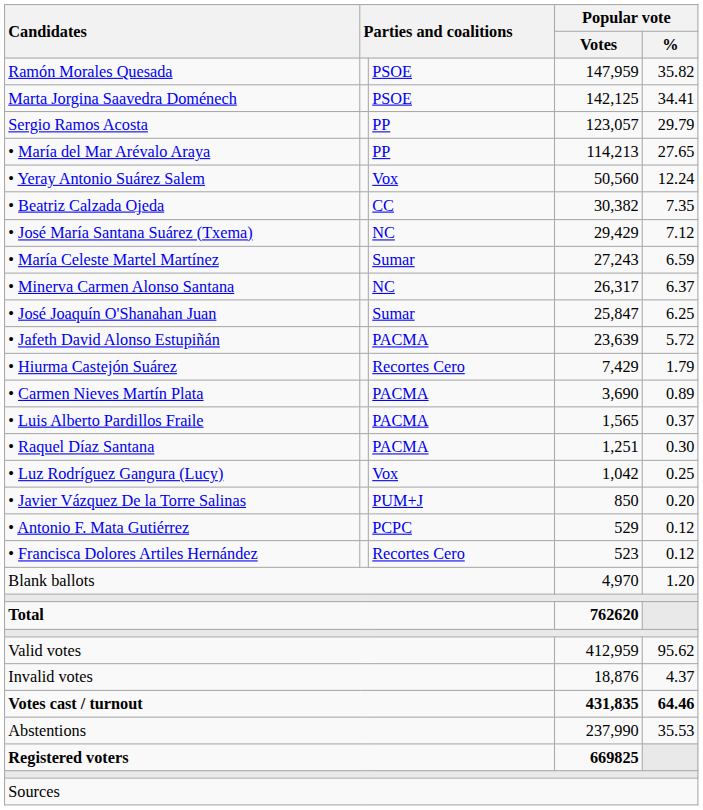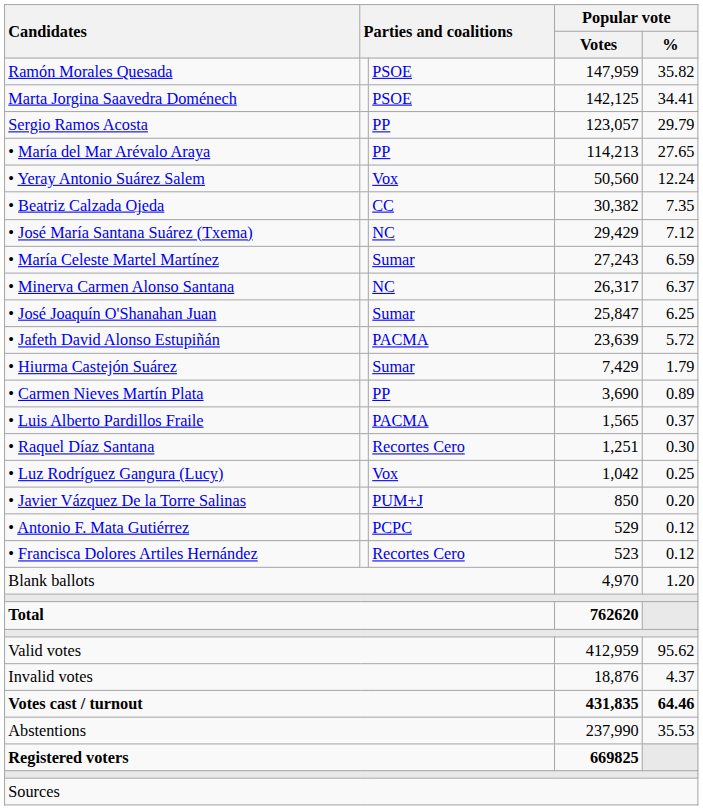 <table class="wikitable" style="text-align:right; font-size:95%;">
 <tr>
 <th style="text-align:left;" rowspan="2" width="325">Candidates</th>
 <th style="text-align:left;" rowspan="2" colspan="2" width="175">Parties and coalitions</th>
 <th colspan="2">Popular vote</th>
 </tr>
 <tr>
 <th width="75">Votes</th>
 <th width="45">%</th>
 </tr>
 <tr>
 <td align="left"> <a href='#'>Ramón Morales Quesada</a></td>
 <td width="1" style="color:inherit;background:"></td>
 <td align="left"><a href='#'>PSOE</a></td>
 <td>147,959</td>
 <td>35.82</td>
 </tr>
 <tr>
 <td align="left"> <a href='#'>Marta Jorgina Saavedra Doménech</a></td>
 <td width="1" style="color:inherit;background:"></td>
 <td align="left"><a href='#'>PSOE</a></td>
 <td>142,125</td>
 <td>34.41</td>
 </tr>
 <tr>
 <td align="left"> <a href='#'>Sergio Ramos Acosta</a></td>
 <td width="1" style="color:inherit;background:"></td>
 <td align="left"><a href='#'>PP</a></td>
 <td>123,057</td>
 <td>29.79</td>
 </tr>
 <tr>
 <td align="left">• <a href='#'>María del Mar Arévalo Araya</a></td>
 <td width="1" style="color:inherit;background:"></td>
 <td align="left"><a href='#'>PP</a></td>
 <td>114,213</td>
 <td>27.65</td>
 </tr>
 <tr>
 <td align="left">• <a href='#'>Yeray Antonio Suárez Salem</a></td>
 <td width="1" style="color:inherit;background:"></td>
 <td align="left"><a href='#'>Vox</a></td>
 <td>50,560</td>
 <td>12.24</td>
 </tr>
 <tr>
 <td align="left">• <a href='#'>Beatriz Calzada Ojeda</a></td>
 <td width="1" style="color:inherit;background:"></td>
 <td align="left"><a href='#'>CC</a></td>
 <td>30,382</td>
 <td>7.35</td>
 </tr>
 <tr>
 <td align="left">• <a href='#'>José María Santana Suárez (Txema)</a></td>
 <td width="1" style="color:inherit;background:"></td>
 <td align="left"><a href='#'>NC</a></td>
 <td>29,429</td>
 <td>7.12</td>
 </tr>
 <tr>
 <td align="left">• <a href='#'>María Celeste Martel Martínez</a></td>
 <td width="1" style="color:inherit;background:"></td>
 <td align="left"><a href='#'>Sumar</a></td>
 <td>27,243</td>
 <td>6.59</td>
 </tr>
 <tr>
 <td align="left">• <a href='#'>Minerva Carmen Alonso Santana</a></td>
 <td width="1" style="color:inherit;background:"></td>
 <td align="left"><a href='#'>NC</a></td>
 <td>26,317</td>
 <td>6.37</td>
 </tr>
 <tr>
 <td align="left">• <a href='#'>José Joaquín O'Shanahan Juan</a></td>
 <td width="1" style="color:inherit;background:"></td>
 <td align="left"><a href='#'>Sumar</a></td>
 <td>25,847</td>
 <td>6.25</td>
 </tr>
 <tr>
 <td align="left">• <a href='#'>Jafeth David Alonso Estupiñán</a></td>
 <td width="1" style="color:inherit;background:"></td>
 <td align="left"><a href='#'>PACMA</a></td>
 <td>23,639</td>
 <td>5.72</td>
 </tr>
 <tr>
 <td align="left">• <a href='#'>Hiurma Castejón Suárez</a></td>
 <td width="1" style="color:inherit;background:"></td>
-<td align="left"><a href='#'>Recortes Cero</a></td>
+<td align="left"><a href='#'>Sumar</a></td>
 <td>7,429</td>
 <td>1.79</td>
 </tr>
 <tr>
 <td align="left">• <a href='#'>Carmen Nieves Martín Plata</a></td>
 <td width="1" style="color:inherit;background:"></td>
-<td align="left"><a href='#'>PACMA</a></td>
+<td align="left"><a href='#'>PP</a></td>
 <td>3,690</td>
 <td>0.89</td>
 </tr>
 <tr>
 <td align="left">• <a href='#'>Luis Alberto Pardillos Fraile</a></td>
 <td width="1" style="color:inherit;background:"></td>
 <td align="left"><a href='#'>PACMA</a></td>
 <td>1,565</td>
 <td>0.37</td>
 </tr>
 <tr>
 <td align="left">• <a href='#'>Raquel Díaz Santana</a></td>
 <td width="1" style="color:inherit;background:"></td>
-<td align="left"><a href='#'>PACMA</a></td>
+<td align="left"><a href='#'>Recortes Cero</a></td>
 <td>1,251</td>
 <td>0.30</td>
 </tr>
 <tr>
 <td align="left">• <a href='#'>Luz Rodríguez Gangura (Lucy)</a></td>
 <td width="1" style="color:inherit;background:"></td>
 <td align="left"><a href='#'>Vox</a></td>
 <td>1,042</td>
 <td>0.25</td>
 </tr>
 <tr>
 <td align="left">• <a href='#'>Javier Vázquez De la Torre Salinas</a></td>
 <td width="1" style="color:inherit;background:"></td>
 <td align="left"><a href='#'>PUM+J</a></td>
 <td>850</td>
 <td>0.20</td>
 </tr>
 <tr>
 <td align="left">• <a href='#'>Antonio F. Mata Gutiérrez</a></td>
 <td width="1" style="color:inherit;background:"></td>
 <td align="left"><a href='#'>PCPC</a></td>
 <td>529</td>
 <td>0.12</td>
 </tr>
 <tr>
 <td align="left">• <a href='#'>Francisca Dolores Artiles Hernández</a></td>
 <td width="1" style="color:inherit;background:"></td>
 <td align="left"><a href='#'>Recortes Cero</a></td>
 <td>523</td>
 <td>0.12</td>
 </tr>
 <tr>
 <td align="left" colspan="3">Blank ballots</td>
 <td>4,970</td>
 <td>1.20</td>
 </tr>
 <tr>
 <td colspan="5" bgcolor="#E9E9E9"></td>
 </tr>
 <tr style="font-weight:bold;">
 <td align="left" colspan="3">Total</td>
 <td>762620</td>
 <td bgcolor="#E9E9E9"></td>
 </tr>
 <tr>
 <td colspan="5" bgcolor="#E9E9E9"></td>
 </tr>
 <tr>
 <td align="left" colspan="3">Valid votes</td>
 <td>412,959</td>
 <td>95.62</td>
 </tr>
 <tr>
 <td align="left" colspan="3">Invalid votes</td>
 <td>18,876</td>
 <td>4.37</td>
 </tr>
 <tr style="font-weight:bold;">
 <td align="left" colspan="3">Votes cast / turnout</td>
 <td>431,835</td>
 <td>64.46</td>
 </tr>
 <tr>
 <td align="left" colspan="3">Abstentions</td>
 <td>237,990</td>
 <td>35.53</td>
 </tr>
 <tr style="font-weight:bold;">
 <td align="left" colspan="3">Registered voters</td>
 <td>669825</td>
 <td bgcolor="#E9E9E9"></td>
 </tr>
 <tr>
 <td colspan="5" bgcolor="#E9E9E9"></td>
 </tr>
 <tr>
 <td align="left" colspan="5">Sources</td>
 </tr>
 </table>
